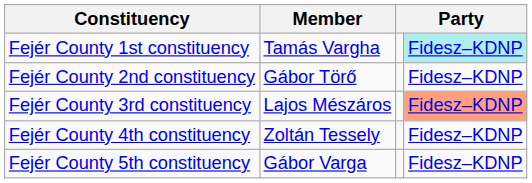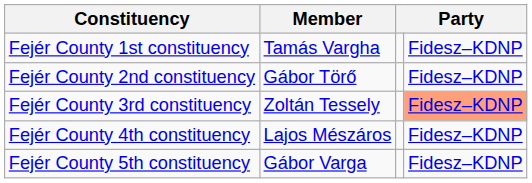 <table class="wikitable">
 <tr>
 <th>Constituency</th>
 <th>Member</th>
 <th colspan="2">Party</th>
 </tr>
 <tr>
 <td><a href='#'>Fejér County 1st constituency</a></td>
 <td><a href='#'>Tamás Vargha</a></td>
 <td style="background-color: "></td>
-<td style="background: paleturquoise;"><a href='#'>Fidesz–KDNP</a></td>
+<td><a href='#'>Fidesz–KDNP</a></td>
 </tr>
 <tr>
 <td><a href='#'>Fejér County 2nd constituency</a></td>
 <td><a href='#'>Gábor Törő</a></td>
 <td style="background-color: "></td>
 <td><a href='#'>Fidesz–KDNP</a></td>
 </tr>
 <tr>
 <td><a href='#'>Fejér County 3rd constituency</a></td>
-<td><a href='#'>Lajos Mészáros</a></td>
+<td><a href='#'>Zoltán Tessely</a></td>
 <td style="background-color: "></td>
 <td style="background: lightsalmon;"><a href='#'>Fidesz–KDNP</a></td>
 </tr>
 <tr>
 <td><a href='#'>Fejér County 4th constituency</a></td>
-<td><a href='#'>Zoltán Tessely</a></td>
+<td><a href='#'>Lajos Mészáros</a></td>
 <td style="background-color: "></td>
 <td><a href='#'>Fidesz–KDNP</a></td>
 </tr>
 <tr>
 <td><a href='#'>Fejér County 5th constituency</a></td>
 <td><a href='#'>Gábor Varga</a></td>
 <td style="background-color: "></td>
 <td><a href='#'>Fidesz–KDNP</a></td>
 </tr>
 </table>
